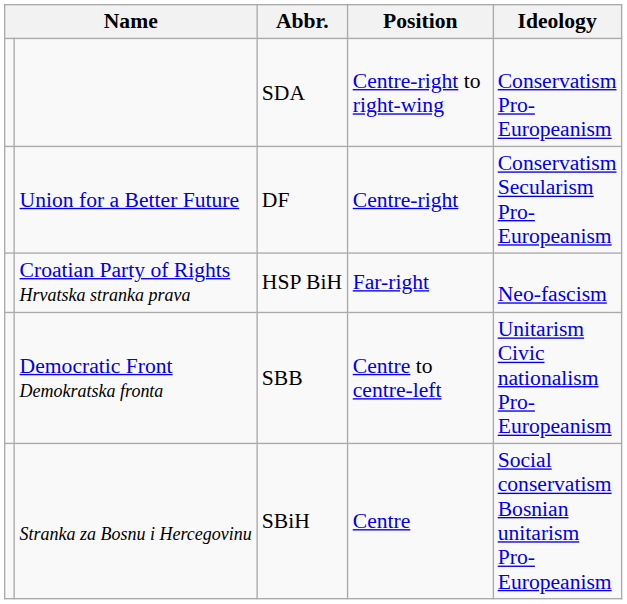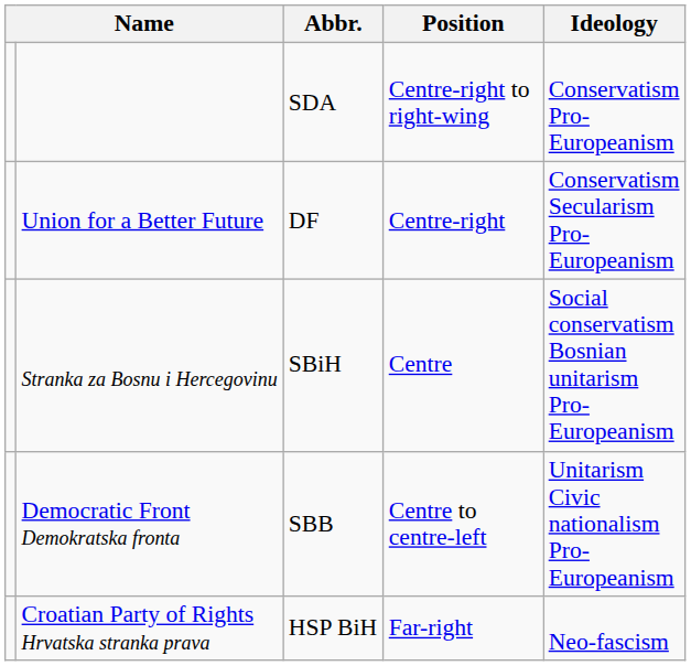 <table class="wikitable">
 <tr>
 <th colspan="2">Name</th>
 <th width=60px>Abbr.</th>
 <th width=100px>Position</th>
 <th width=60px>Ideology</th>
 </tr>
 <tr>
 <td style="background-color: "></td>
 <td> <br> <small></small></td>
 <td>SDA</td>
 <td><a href='#'>Centre-right</a> to <a href='#'>right-wing</a></td>
 <td> <br> <a href='#'>Conservatism</a> <br> <a href='#'>Pro-Europeanism</a></td>
 </tr>
 <tr>
 <td style="background-color: "></td>
 <td><a href='#'>Union for a Better Future</a><br><small></small></td>
 <td>DF</td>
 <td><a href='#'>Centre-right</a></td>
 <td><a href='#'>Conservatism</a> <br> <a href='#'>Secularism</a> <br> <a href='#'>Pro-Europeanism</a></td>
 </tr>
 <tr>
 <td style="background-color: "></td>
-<td><a href='#'>Croatian Party of Rights</a> <br><small><em>Hrvatska stranka prava</em></small></td>
-<td>HSP BiH</td>
-<td><a href='#'>Far-right</a></td>
-<td> <br> <a href='#'>Neo-fascism</a></td>
+<td> <br><small><em>Stranka za Bosnu i Hercegovinu</em></small></td>
+<td>SBiH</td>
+<td><a href='#'>Centre</a></td>
+<td><a href='#'>Social conservatism</a> <br> <a href='#'>Bosnian unitarism</a> <br> <a href='#'>Pro-Europeanism</a></td>
 </tr>
 <tr>
 <td style="background-color: "></td>
 <td><a href='#'>Democratic Front</a> <br><small><em>Demokratska fronta</em></small></td>
 <td>SBB</td>
 <td><a href='#'>Centre</a> to <a href='#'>centre-left</a></td>
 <td><a href='#'>Unitarism</a> <br> <a href='#'>Civic nationalism</a> <br> <a href='#'>Pro-Europeanism</a></td>
 </tr>
 <tr>
 <td style="background-color: "></td>
-<td> <br><small><em>Stranka za Bosnu i Hercegovinu</em></small></td>
-<td>SBiH</td>
-<td><a href='#'>Centre</a></td>
-<td><a href='#'>Social conservatism</a> <br> <a href='#'>Bosnian unitarism</a> <br> <a href='#'>Pro-Europeanism</a></td>
+<td><a href='#'>Croatian Party of Rights</a> <br><small><em>Hrvatska stranka prava</em></small></td>
+<td>HSP BiH</td>
+<td><a href='#'>Far-right</a></td>
+<td> <br> <a href='#'>Neo-fascism</a></td>
 </tr>
 </table>
